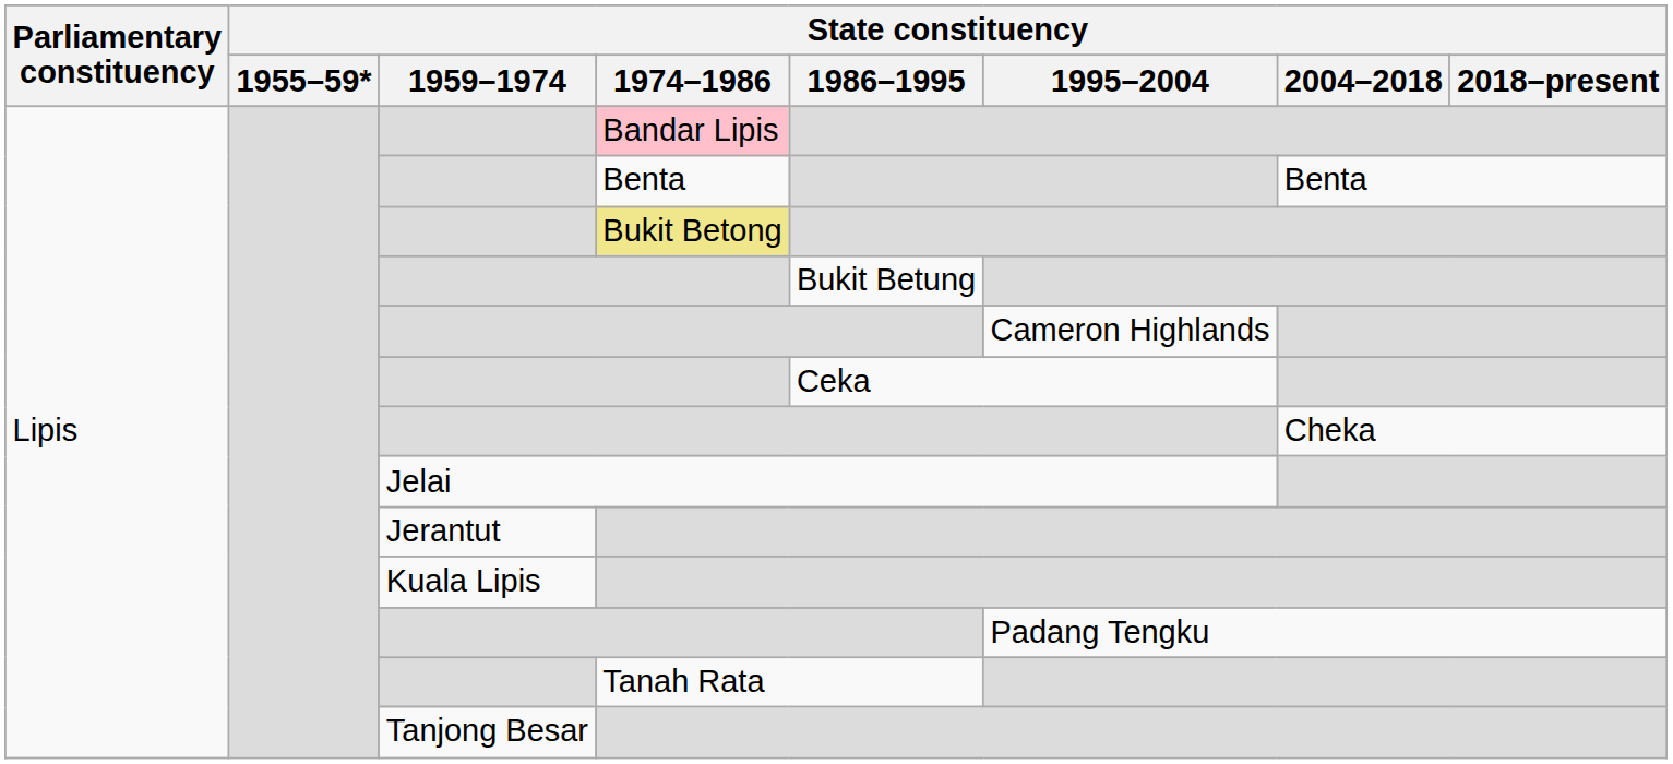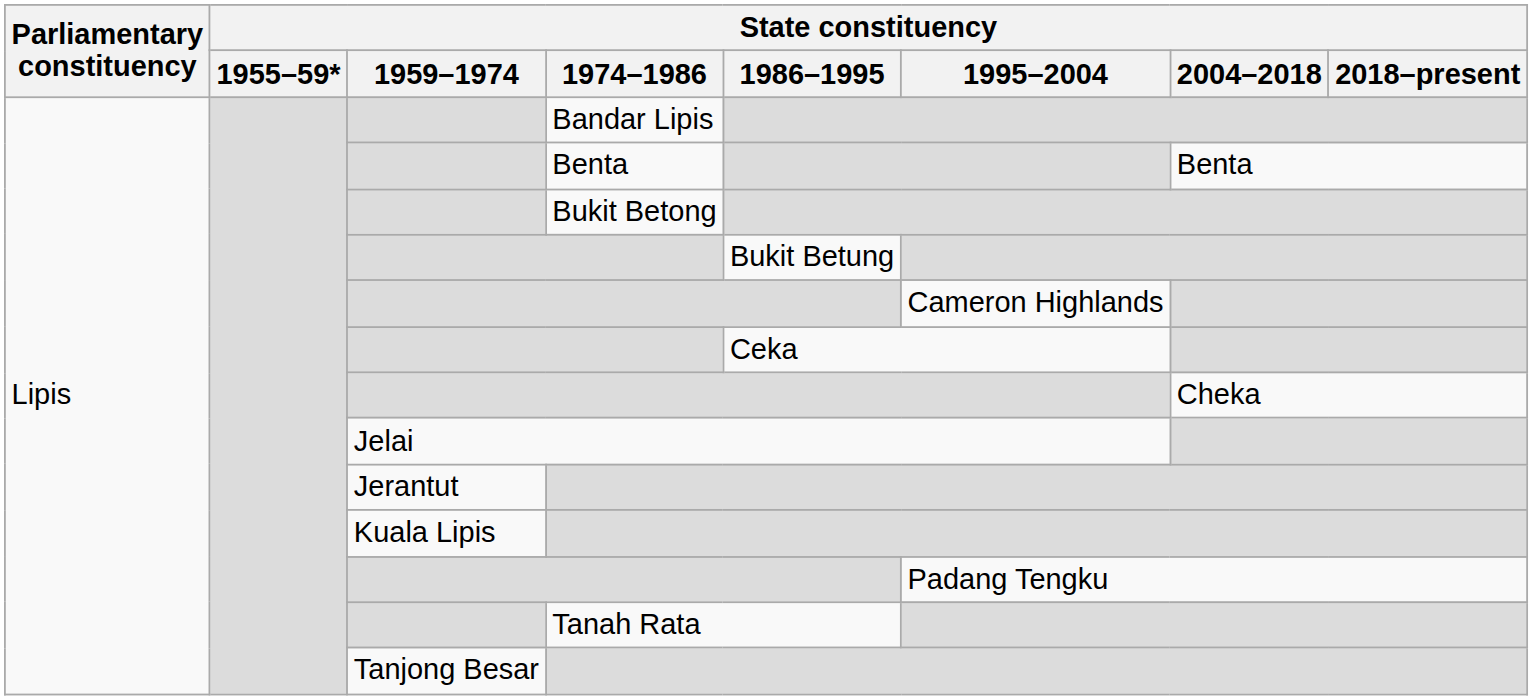 <table class="wikitable">
 <tr>
 <th rowspan="2">Parliamentary<br>constituency</th>
 <th colspan="7">State constituency</th>
 </tr>
 <tr>
 <th>1955–59*</th>
 <th>1959–1974</th>
 <th>1974–1986</th>
 <th>1986–1995</th>
 <th>1995–2004</th>
 <th>2004–2018</th>
 <th>2018–present</th>
 </tr>
 <tr>
 <td rowspan="13">Lipis</td>
 <td rowspan="13" bgcolor="dcdcdc"></td>
 <td bgcolor="dcdcdc"></td>
-<td style="background: pink;">Bandar Lipis</td>
+<td>Bandar Lipis</td>
 <td colspan="4" bgcolor="dcdcdc"></td>
 </tr>
 <tr>
 <td bgcolor="dcdcdc"></td>
 <td>Benta</td>
 <td colspan="2" bgcolor="dcdcdc"></td>
 <td colspan="2">Benta</td>
 </tr>
 <tr>
 <td bgcolor="dcdcdc"></td>
-<td style="background: khaki;">Bukit Betong</td>
+<td>Bukit Betong</td>
 <td colspan="4" bgcolor="dcdcdc"></td>
 </tr>
 <tr>
 <td colspan="2" bgcolor="dcdcdc"></td>
 <td>Bukit Betung</td>
 <td colspan="3" bgcolor="dcdcdc"></td>
 </tr>
 <tr>
 <td colspan="3" bgcolor="dcdcdc"></td>
 <td>Cameron Highlands</td>
 <td colspan="2" bgcolor="dcdcdc"></td>
 </tr>
 <tr>
 <td colspan="2" bgcolor="dcdcdc"></td>
 <td colspan="2">Ceka</td>
 <td colspan="2" bgcolor="dcdcdc"></td>
 </tr>
 <tr>
 <td colspan="4" bgcolor="dcdcdc"></td>
 <td colspan="2">Cheka</td>
 </tr>
 <tr>
 <td colspan="4">Jelai</td>
 <td colspan="2" bgcolor="dcdcdc"></td>
 </tr>
 <tr>
 <td>Jerantut</td>
 <td colspan="5" bgcolor="dcdcdc"></td>
 </tr>
 <tr>
 <td>Kuala Lipis</td>
 <td colspan="5" bgcolor="dcdcdc"></td>
 </tr>
 <tr>
 <td colspan="3" bgcolor="dcdcdc"></td>
 <td colspan="3">Padang Tengku</td>
 </tr>
 <tr>
 <td bgcolor="dcdcdc"></td>
 <td colspan="2">Tanah Rata</td>
 <td colspan="3" bgcolor="dcdcdc"></td>
 </tr>
 <tr>
 <td>Tanjong Besar</td>
 <td colspan="5" bgcolor="dcdcdc"></td>
 </tr>
 </table>
